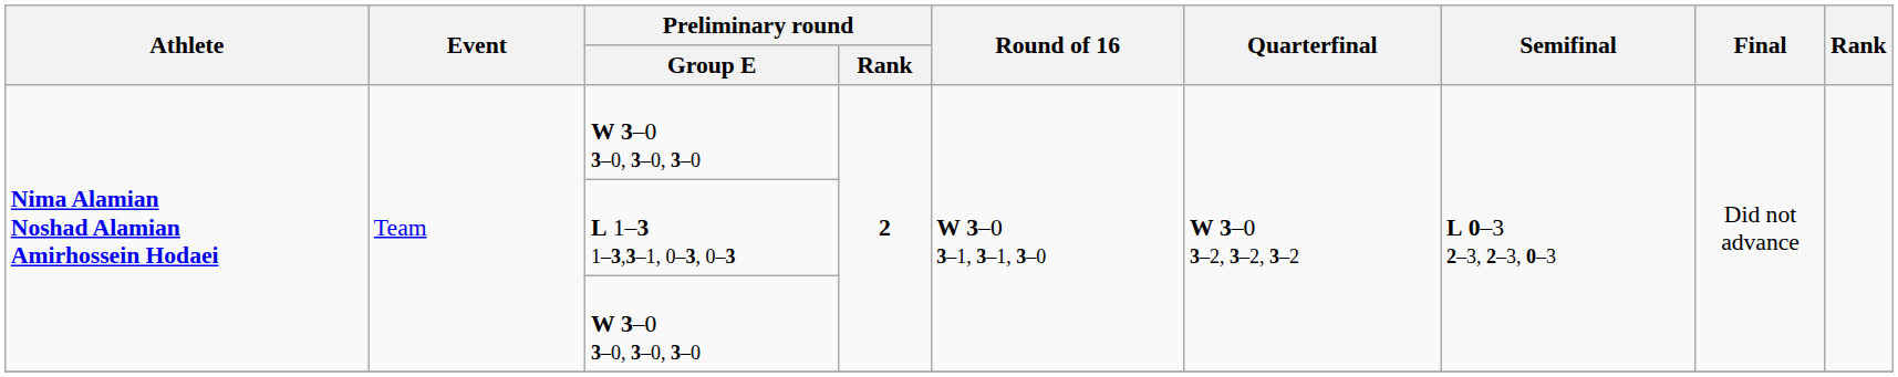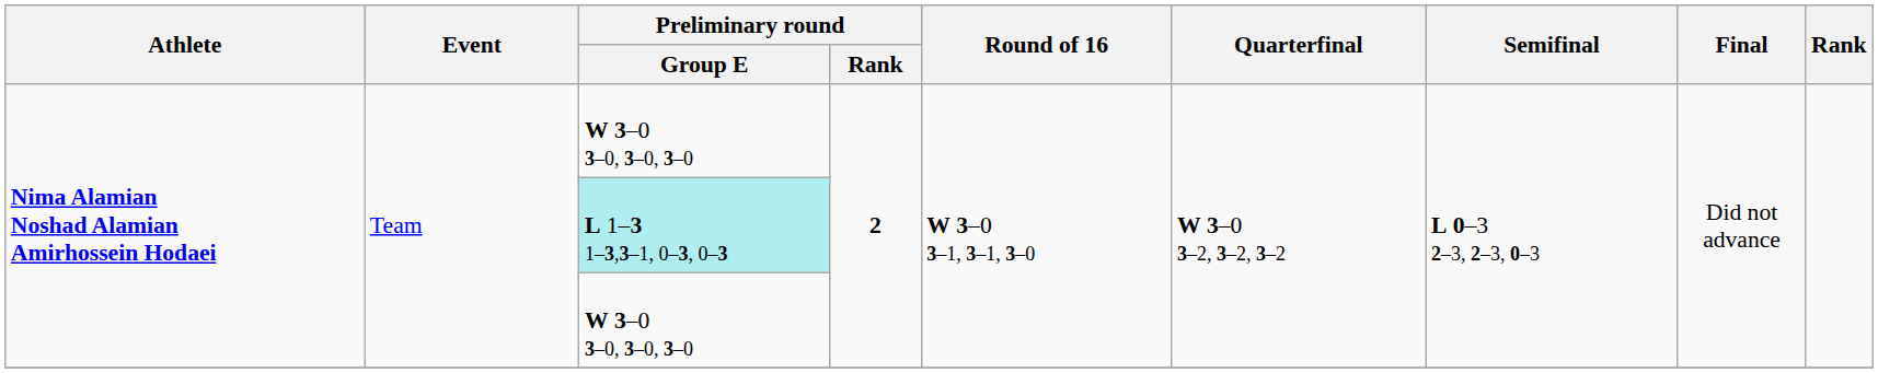 <table class="wikitable" width="90%" style="text-align:left; font-size:90%">
 <tr>
 <th rowspan="2" width="20%">Athlete</th>
 <th rowspan="2" width="12%">Event</th>
 <th colspan="2">Preliminary round</th>
 <th rowspan="2" width="14%">Round of 16</th>
 <th rowspan="2" width="14%">Quarterfinal</th>
 <th rowspan="2" width="14%">Semifinal</th>
 <th rowspan="2" width="14%">Final</th>
 <th rowspan="2" width="14%">Rank</th>
 </tr>
 <tr>
 <th width="14%">Group E</th>
 <th width="5%">Rank</th>
 </tr>
 <tr>
 <td rowspan="3"><strong><a href='#'>Nima Alamian</a><br><a href='#'>Noshad Alamian</a><br><a href='#'>Amirhossein Hodaei</a></strong></td>
 <td rowspan="3"><a href='#'>Team</a></td>
 <td><br><strong>W</strong> <strong>3</strong>–0<br><small><strong>3</strong>–0, <strong>3</strong>–0, <strong>3</strong>–0</small></td>
 <td rowspan="3" align=center><strong>2</strong> <strong></strong></td>
 <td rowspan="3"><br><strong>W</strong> <strong>3</strong>–0<br><small><strong>3</strong>–1, <strong>3</strong>–1, <strong>3</strong>–0</small></td>
 <td rowspan="3"><br><strong>W</strong> <strong>3</strong>–0<br><small><strong>3</strong>–2, <strong>3</strong>–2, <strong>3</strong>–2</small></td>
 <td rowspan="3"><br><strong>L</strong> <strong>0</strong>–3<br><small><strong>2</strong>–3, <strong>2</strong>–3, <strong>0</strong>–3</small></td>
 <td rowspan="3" align=center>Did not advance</td>
 <td rowspan="3" align=center></td>
 </tr>
 <tr>
-<td><br><strong>L</strong> 1–<strong>3</strong><br><small>1–<strong>3</strong>,<strong>3</strong>–1, 0–<strong>3</strong>, 0–<strong>3</strong></small></td>
+<td style="background: paleturquoise;"><br><strong>L</strong> 1–<strong>3</strong><br><small>1–<strong>3</strong>,<strong>3</strong>–1, 0–<strong>3</strong>, 0–<strong>3</strong></small></td>
 </tr>
 <tr>
 <td><br><strong>W</strong> <strong>3</strong>–0<br><small><strong>3</strong>–0, <strong>3</strong>–0, <strong>3</strong>–0</small></td>
 </tr>
 <tr>
 </tr>
 </table>
